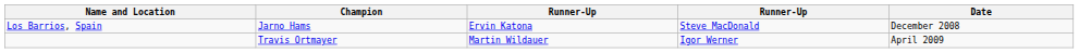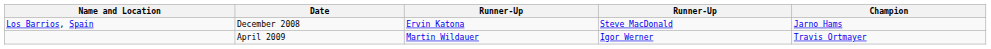 <table class="wikitable" style="display: inline-table;width: 100%;">
 <tr>
 <th scope="col">Name and Location</th>
-<th scope="col">Champion</th>
+<th scope="col">Date</th>
 <th scope="col">Runner-Up</th>
 <th scope="col">Runner-Up</th>
-<th scope="col">Date</th>
+<th scope="col">Champion</th>
 </tr>
 <tr>
 <td> <a href='#'>Los Barrios</a>, <a href='#'>Spain</a><br> </td>
-<td> <a href='#'>Jarno Hams</a></td>
+<td>December 2008</td>
 <td> <a href='#'>Ervin Katona</a></td>
 <td> <a href='#'>Steve MacDonald</a></td>
-<td>December 2008</td>
+<td> <a href='#'>Jarno Hams</a></td>
 </tr>
 <tr>
 <td> <br></td>
-<td> <a href='#'>Travis Ortmayer</a></td>
+<td>April 2009</td>
 <td> <a href='#'>Martin Wildauer</a></td>
 <td> <a href='#'>Igor Werner</a></td>
-<td>April 2009</td>
+<td> <a href='#'>Travis Ortmayer</a></td>
 </tr>
 </table>
